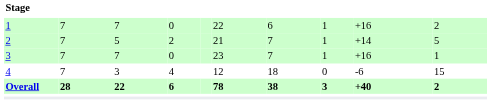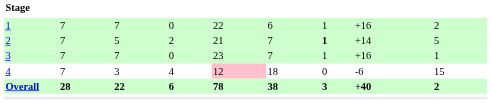 <table class="toccolours" border=0 cellpadding="2" cellspacing="0" style="font-size:95%; text-align:left; width:700px;">
 <tr align="left" style="background:#">
 <th style="width:75px">Stage</th>
 <th></th>
 <th></th>
 <th></th>
 <th></th>
 <th></th>
 <th></th>
 <th></th>
 <th></th>
 <th></th>
 </tr>
 <tr>
 <td colspan = "10"></td>
 </tr>
 <tr>
 </tr>
 <tr style="background:#cfc;">
 <td><a href='#'>1</a></td>
 <td>7</td>
 <td>7</td>
 <td>0</td>
 <td></td>
 <td>22</td>
 <td>6</td>
 <td>1</td>
 <td>+16</td>
 <td>2</td>
 </tr>
 <tr style="background:#cfc">
 <td><a href='#'>2</a></td>
 <td>7</td>
 <td>5</td>
 <td>2</td>
 <td></td>
 <td>21</td>
 <td>7</td>
-<td>1</td>
+<td><strong>1</strong></td>
 <td>+14</td>
 <td>5</td>
 </tr>
 <tr style="background:#cfc">
 <td><a href='#'>3</a></td>
 <td>7</td>
 <td>7</td>
 <td>0</td>
 <td></td>
 <td>23</td>
 <td>7</td>
 <td>1</td>
 <td>+16</td>
 <td>1</td>
 </tr>
 <tr>
 <td><a href='#'>4</a></td>
 <td>7</td>
 <td>3</td>
 <td>4</td>
 <td></td>
-<td>12</td>
+<td style="background: pink;">12</td>
 <td>18</td>
 <td>0</td>
 <td>-6</td>
 <td>15</td>
 </tr>
 <tr style="background-color:#cfc;">
 <th><a href='#'>Overall</a></th>
 <th>28</th>
 <th>22</th>
 <th>6</th>
 <th></th>
 <th>78</th>
 <th>38</th>
 <th>3</th>
 <th>+40</th>
 <th>2</th>
 </tr>
 <tr>
 <td colspan="10"></td>
 </tr>
 <tr align="left" style="background:#EAECF0; color:#000;">
 <td colspan="10" style="text-align:center;"> </td>
 </tr>
 </table>
